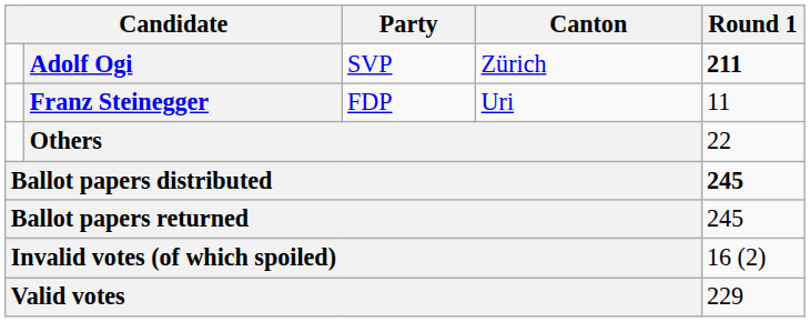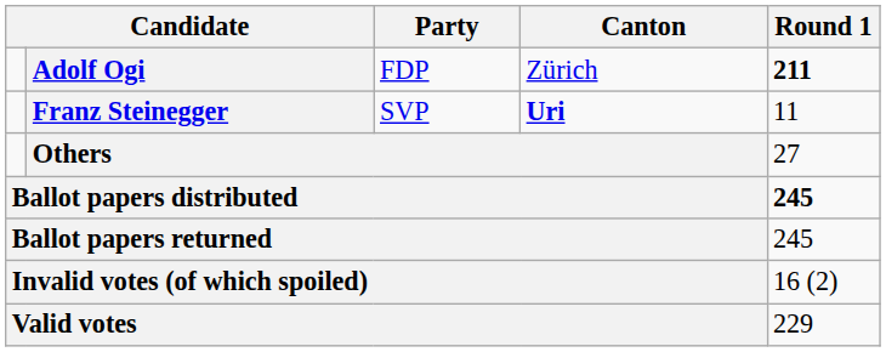 <table class="wikitable">
 <tr>
 <th colspan=2>Candidate</th>
 <th>Party</th>
 <th>Canton</th>
 <th>Round 1</th>
 </tr>
 <tr>
 <td width=5px style="background-color: "></td>
 <td width=200px style="background-color:#F2F2F2"><strong><a href='#'>Adolf Ogi</a></strong></td>
-<td width=80px><a href='#'>SVP</a></td>
+<td><a href='#'>FDP</a></td>
 <td width=140px><a href='#'>Zürich</a></td>
 <td width=60px><strong>211</strong></td>
 </tr>
 <tr>
 <td style="background-color: "></td>
 <td style="background-color:#F2F2F2"><strong><a href='#'>Franz Steinegger</a></strong></td>
-<td><a href='#'>FDP</a></td>
-<td><a href='#'>Uri</a></td>
+<td width=80px><a href='#'>SVP</a></td>
+<td><strong><a href='#'>Uri</a></strong></td>
 <td>11</td>
 </tr>
 <tr>
 <td></td>
 <td colspan=3 style="background-color:#F2F2F2"><strong>Others</strong></td>
-<td>22</td>
+<td>27</td>
 </tr>
 <tr>
 <td colspan=4 style="background-color:#F2F2F2"><strong>Ballot papers distributed</strong></td>
 <td><strong>245</strong></td>
 </tr>
 <tr>
 <td colspan=4 style="background-color:#F2F2F2"><strong>Ballot papers returned</strong></td>
 <td>245</td>
 </tr>
 <tr>
 <td colspan=4 style="background-color:#F2F2F2"><strong>Invalid votes (of which spoiled)</strong></td>
 <td>16 (2)</td>
 </tr>
 <tr>
 <td colspan=4 style="background-color:#F2F2F2"><strong>Valid votes</strong></td>
 <td>229</td>
 </tr>
 </table>
